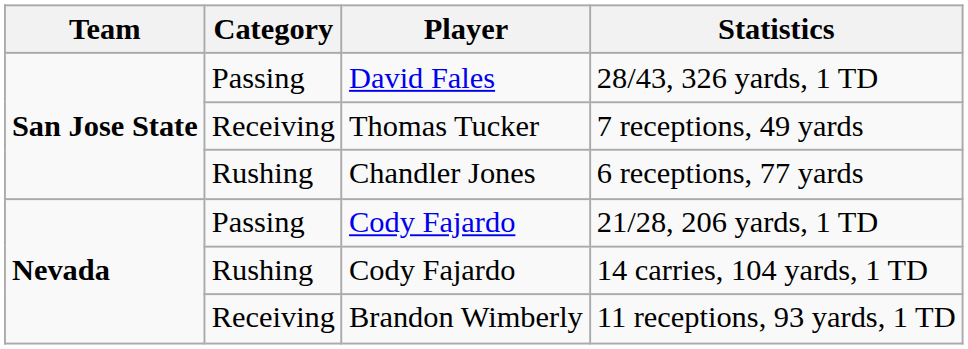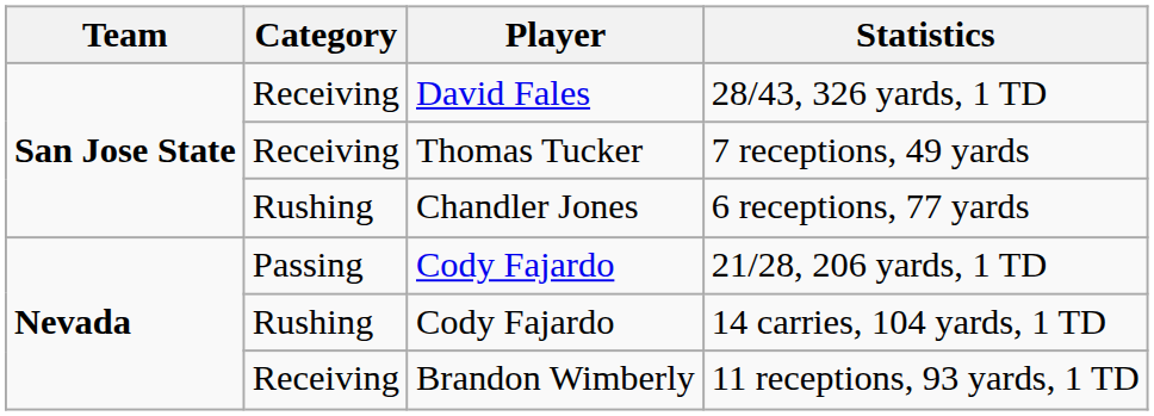 <table class="wikitable" style="float: left;">
 <tr>
 <th>Team</th>
 <th>Category</th>
 <th>Player</th>
 <th>Statistics</th>
 </tr>
 <tr>
 <td rowspan=3><strong>San Jose State</strong></td>
-<td>Passing</td>
+<td>Receiving</td>
 <td><a href='#'>David Fales</a></td>
 <td>28/43, 326 yards, 1 TD</td>
 </tr>
 <tr>
 <td>Receiving</td>
 <td>Thomas Tucker</td>
 <td>7 receptions, 49 yards</td>
 </tr>
 <tr>
 <td>Rushing</td>
 <td>Chandler Jones</td>
 <td>6 receptions, 77 yards</td>
 </tr>
 <tr>
 <td rowspan=3><strong>Nevada</strong></td>
 <td>Passing</td>
 <td><a href='#'>Cody Fajardo</a></td>
 <td>21/28, 206 yards, 1 TD</td>
 </tr>
 <tr>
 <td>Rushing</td>
 <td>Cody Fajardo</td>
 <td>14 carries, 104 yards, 1 TD</td>
 </tr>
 <tr>
 <td>Receiving</td>
 <td>Brandon Wimberly</td>
 <td>11 receptions, 93 yards, 1 TD</td>
 </tr>
 </table>
